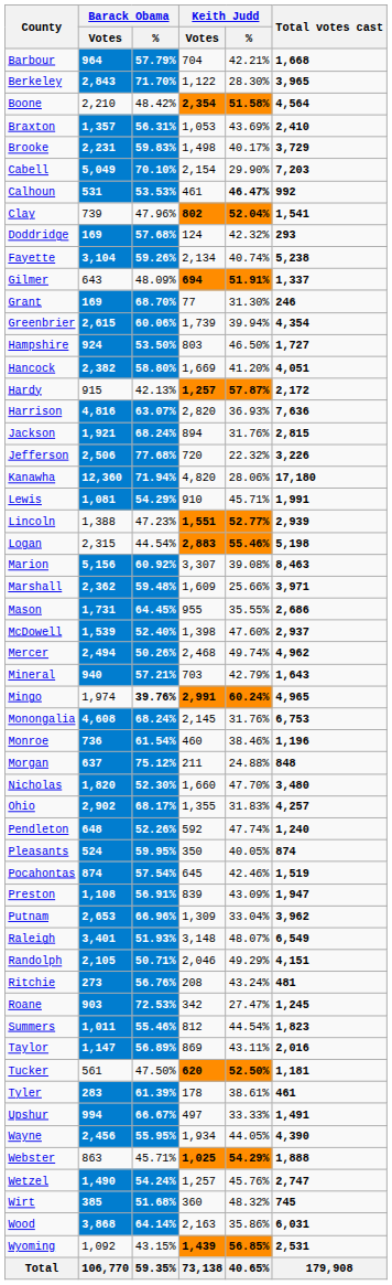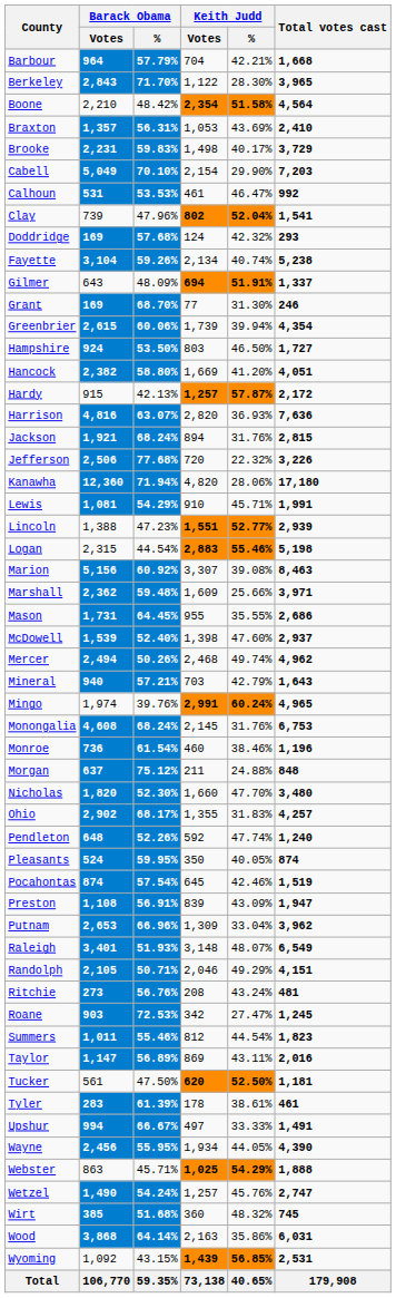 <table class="wikitable sortable mw-collapsible mw-collapsed">
 <tr>
 <th rowspan="2"><small>County</small></th>
 <th colspan="2"><small><a href='#'>Barack Obama</a></small></th>
 <th colspan="2"><small><a href='#'>Keith Judd</a></small></th>
 <th rowspan="2"><small>Total votes cast</small></th>
 </tr>
 <tr>
 <th><small>Votes</small></th>
 <th><small>%</small></th>
 <th><small>Votes</small></th>
 <th><small>%</small></th>
 </tr>
 <tr>
 <td><small><a href='#'>Barbour</a></small></td>
 <td style="background:#017dcf; color:white"><small><strong>964</strong></small></td>
 <td style="background:#017dcf; color:white"><small><strong>57.79%</strong></small></td>
 <td><small>704</small></td>
 <td><small>42.21%</small></td>
 <td><strong><small>1,668</small></strong></td>
 </tr>
 <tr>
 <td><small><a href='#'>Berkeley</a></small></td>
 <td style="background:#017dcf; color:white"><small><strong>2,843</strong></small></td>
 <td style="background:#017dcf; color:white"><small><strong>71.70%</strong></small></td>
 <td><small>1,122</small></td>
 <td><small>28.30%</small></td>
 <td><strong><small>3,965</small></strong></td>
 </tr>
 <tr>
 <td><small><a href='#'>Boone</a></small></td>
 <td><small>2,210</small></td>
 <td><small>48.42%</small></td>
 <td style="background:#ff8c00"><small><strong>2,354</strong></small></td>
 <td style="background:#ff8c00"><small><strong>51.58%</strong></small></td>
 <td><strong><small>4,564</small></strong></td>
 </tr>
 <tr>
 <td><small><a href='#'>Braxton</a></small></td>
 <td style="background:#017dcf; color:white"><small><strong>1,357</strong></small></td>
 <td style="background:#017dcf; color:white"><small><strong>56.31%</strong></small></td>
 <td><small>1,053</small></td>
 <td><small>43.69%</small></td>
 <td><strong><small>2,410</small></strong></td>
 </tr>
 <tr>
 <td><small><a href='#'>Brooke</a></small></td>
 <td style="background:#017dcf; color:white"><small><strong>2,231</strong></small></td>
 <td style="background:#017dcf; color:white"><small><strong>59.83%</strong></small></td>
 <td><small>1,498</small></td>
 <td><small>40.17%</small></td>
 <td><strong><small>3,729</small></strong></td>
 </tr>
 <tr>
 <td><small><a href='#'>Cabell</a></small></td>
 <td style="background:#017dcf; color:white"><small><strong>5,049</strong></small></td>
 <td style="background:#017dcf; color:white"><small><strong>70.10%</strong></small></td>
 <td><small>2,154</small></td>
 <td><small>29.90%</small></td>
 <td><strong><small>7,203</small></strong></td>
 </tr>
 <tr>
 <td><small><a href='#'>Calhoun</a></small></td>
 <td style="background:#017dcf; color:white"><small><strong>531</strong></small></td>
 <td style="background:#017dcf; color:white"><small><strong>53.53%</strong></small></td>
 <td><small>461</small></td>
-<td><strong><small>46.47%</small></strong></td>
+<td><small>46.47%</small></td>
 <td><strong><small>992</small></strong></td>
 </tr>
 <tr>
 <td><small><a href='#'>Clay</a></small></td>
 <td><small>739</small></td>
 <td><small>47.96%</small></td>
 <td style="background:#ff8c00"><small><strong>802</strong></small></td>
 <td style="background:#ff8c00"><small><strong>52.04%</strong></small></td>
 <td><strong><small>1,541</small></strong></td>
 </tr>
 <tr>
 <td><small><a href='#'>Doddridge</a></small></td>
 <td style="background:#017dcf; color:white"><small><strong>169</strong></small></td>
 <td style="background:#017dcf; color:white"><small><strong>57.68%</strong></small></td>
 <td><small>124</small></td>
 <td><small>42.32%</small></td>
 <td><strong><small>293</small></strong></td>
 </tr>
 <tr>
 <td><small><a href='#'>Fayette</a></small></td>
 <td style="background:#017dcf; color:white"><small><strong>3,104</strong></small></td>
 <td style="background:#017dcf; color:white"><small><strong>59.26%</strong></small></td>
 <td><small>2,134</small></td>
 <td><small>40.74%</small></td>
 <td><strong><small>5,238</small></strong></td>
 </tr>
 <tr>
 <td><small><a href='#'>Gilmer</a></small></td>
 <td><small>643</small></td>
 <td><small>48.09%</small></td>
 <td style="background:#ff8c00"><small><strong>694</strong></small></td>
 <td style="background:#ff8c00"><small><strong>51.91%</strong></small></td>
 <td><strong><small>1,337</small></strong></td>
 </tr>
 <tr>
 <td><small><a href='#'>Grant</a></small></td>
 <td style="background:#017dcf; color:white"><small><strong>169</strong></small></td>
 <td style="background:#017dcf; color:white"><small><strong>68.70%</strong></small></td>
 <td><small>77</small></td>
 <td><small>31.30%</small></td>
 <td><strong><small>246</small></strong></td>
 </tr>
 <tr>
 <td><small><a href='#'>Greenbrier</a></small></td>
 <td style="background:#017dcf; color:white"><small><strong>2,615</strong></small></td>
 <td style="background:#017dcf; color:white"><small><strong>60.06%</strong></small></td>
 <td><small>1,739</small></td>
 <td><small>39.94%</small></td>
 <td><strong><small>4,354</small></strong></td>
 </tr>
 <tr>
 <td><small><a href='#'>Hampshire</a></small></td>
 <td style="background:#017dcf; color:white"><small><strong>924</strong></small></td>
 <td style="background:#017dcf; color:white"><small><strong>53.50%</strong></small></td>
 <td><small>803</small></td>
 <td><small>46.50%</small></td>
 <td><strong><small>1,727</small></strong></td>
 </tr>
 <tr>
 <td><small><a href='#'>Hancock</a></small></td>
 <td style="background:#017dcf; color:white"><small><strong>2,382</strong></small></td>
 <td style="background:#017dcf; color:white"><small><strong>58.80%</strong></small></td>
 <td><small>1,669</small></td>
 <td><small>41.20%</small></td>
 <td><strong><small>4,051</small></strong></td>
 </tr>
 <tr>
 <td><small><a href='#'>Hardy</a></small></td>
 <td><small>915</small></td>
 <td><small>42.13%</small></td>
 <td style="background:#ff8c00"><small><strong>1,257</strong></small></td>
 <td style="background:#ff8c00"><small><strong>57.87%</strong></small></td>
 <td><strong><small>2,172</small></strong></td>
 </tr>
 <tr>
 <td><small><a href='#'>Harrison</a></small></td>
 <td style="background:#017dcf; color:white"><small><strong>4,816</strong></small></td>
 <td style="background:#017dcf; color:white"><small><strong>63.07%</strong></small></td>
 <td><small>2,820</small></td>
 <td><small>36.93%</small></td>
 <td><strong><small>7,636</small></strong></td>
 </tr>
 <tr>
 <td><small><a href='#'>Jackson</a></small></td>
 <td style="background:#017dcf; color:white"><small><strong>1,921</strong></small></td>
 <td style="background:#017dcf; color:white"><small><strong>68.24%</strong></small></td>
 <td><small>894</small></td>
 <td><small>31.76%</small></td>
 <td><strong><small>2,815</small></strong></td>
 </tr>
 <tr>
 <td><small><a href='#'>Jefferson</a></small></td>
 <td style="background:#017dcf; color:white"><small><strong>2,506</strong></small></td>
 <td style="background:#017dcf; color:white"><small><strong>77.68%</strong></small></td>
 <td><small>720</small></td>
 <td><small>22.32%</small></td>
 <td><strong><small>3,226</small></strong></td>
 </tr>
 <tr>
 <td><small><a href='#'>Kanawha</a></small></td>
 <td style="background:#017dcf; color:white"><small><strong>12,360</strong></small></td>
 <td style="background:#017dcf; color:white"><small><strong>71.94%</strong></small></td>
 <td><small>4,820</small></td>
 <td><small>28.06%</small></td>
 <td><strong><small>17,180</small></strong></td>
 </tr>
 <tr>
 <td><small><a href='#'>Lewis</a></small></td>
 <td style="background:#017dcf; color:white"><small><strong>1,081</strong></small></td>
 <td style="background:#017dcf; color:white"><small><strong>54.29%</strong></small></td>
 <td><small>910</small></td>
 <td><small>45.71%</small></td>
 <td><strong><small>1,991</small></strong></td>
 </tr>
 <tr>
 <td><small><a href='#'>Lincoln</a></small></td>
 <td><small>1,388</small></td>
 <td><small>47.23%</small></td>
 <td style="background:#ff8c00"><small><strong>1,551</strong></small></td>
 <td style="background:#ff8c00"><small><strong>52.77%</strong></small></td>
 <td><strong><small>2,939</small></strong></td>
 </tr>
 <tr>
 <td><small><a href='#'>Logan</a></small></td>
 <td><small>2,315</small></td>
 <td><small>44.54%</small></td>
 <td style="background:#ff8c00"><small><strong>2,883</strong></small></td>
 <td style="background:#ff8c00"><small><strong>55.46%</strong></small></td>
 <td><strong><small>5,198</small></strong></td>
 </tr>
 <tr>
 <td><small><a href='#'>Marion</a></small></td>
 <td style="background:#017dcf; color:white"><small><strong>5,156</strong></small></td>
 <td style="background:#017dcf; color:white"><small><strong>60.92%</strong></small></td>
 <td><small>3,307</small></td>
 <td><small>39.08%</small></td>
 <td><strong><small>8,463</small></strong></td>
 </tr>
 <tr>
 <td><small><a href='#'>Marshall</a></small></td>
 <td style="background:#017dcf; color:white"><small><strong>2,362</strong></small></td>
 <td style="background:#017dcf; color:white"><small><strong>59.48%</strong></small></td>
 <td><small>1,609</small></td>
 <td><small>25.66%</small></td>
 <td><strong><small>3,971</small></strong></td>
 </tr>
 <tr>
 <td><small><a href='#'>Mason</a></small></td>
 <td style="background:#017dcf; color:white"><small><strong>1,731</strong></small></td>
 <td style="background:#017dcf; color:white"><small><strong>64.45%</strong></small></td>
 <td><small>955</small></td>
 <td><small>35.55%</small></td>
 <td><strong><small>2,686</small></strong></td>
 </tr>
 <tr>
 <td><small><a href='#'>McDowell</a></small></td>
 <td style="background:#017dcf; color:white"><small><strong>1,539</strong></small></td>
 <td style="background:#017dcf; color:white"><small><strong>52.40%</strong></small></td>
 <td><small>1,398</small></td>
 <td><small>47.60%</small></td>
 <td><strong><small>2,937</small></strong></td>
 </tr>
 <tr>
 <td><small><a href='#'>Mercer</a></small></td>
 <td style="background:#017dcf; color:white"><small><strong>2,494</strong></small></td>
 <td style="background:#017dcf; color:white"><small><strong>50.26%</strong></small></td>
 <td><small>2,468</small></td>
 <td><small>49.74%</small></td>
 <td><strong><small>4,962</small></strong></td>
 </tr>
 <tr>
 <td><small><a href='#'>Mineral</a></small></td>
 <td style="background:#017dcf; color:white"><small><strong>940</strong></small></td>
 <td style="background:#017dcf; color:white"><small><strong>57.21%</strong></small></td>
 <td><small>703</small></td>
 <td><small>42.79%</small></td>
 <td><strong><small>1,643</small></strong></td>
 </tr>
 <tr>
 <td><small><a href='#'>Mingo</a></small></td>
 <td><small>1,974</small></td>
-<td><strong><small>39.76%</small></strong></td>
+<td><small>39.76%</small></td>
 <td style="background:#ff8c00"><small><strong>2,991</strong></small></td>
 <td style="background:#ff8c00"><small><strong>60.24%</strong></small></td>
 <td><strong><small>4,965</small></strong></td>
 </tr>
 <tr>
 <td><small><a href='#'>Monongalia</a></small></td>
 <td style="background:#017dcf; color:white"><small><strong>4,608</strong></small></td>
 <td style="background:#017dcf; color:white"><small><strong>68.24%</strong></small></td>
 <td><small>2,145</small></td>
 <td><small>31.76%</small></td>
 <td><strong><small>6,753</small></strong></td>
 </tr>
 <tr>
 <td><small><a href='#'>Monroe</a></small></td>
 <td style="background:#017dcf; color:white"><small><strong>736</strong></small></td>
 <td style="background:#017dcf; color:white"><small><strong>61.54%</strong></small></td>
 <td><small>460</small></td>
 <td><small>38.46%</small></td>
 <td><strong><small>1,196</small></strong></td>
 </tr>
 <tr>
 <td><small><a href='#'>Morgan</a></small></td>
 <td style="background:#017dcf; color:white"><small><strong>637</strong></small></td>
 <td style="background:#017dcf; color:white"><small><strong>75.12%</strong></small></td>
 <td><small>211</small></td>
 <td><small>24.88%</small></td>
 <td><strong><small>848</small></strong></td>
 </tr>
 <tr>
 <td><small><a href='#'>Nicholas</a></small></td>
 <td style="background:#017dcf; color:white"><small><strong>1,820</strong></small></td>
 <td style="background:#017dcf; color:white"><small><strong>52.30%</strong></small></td>
 <td><small>1,660</small></td>
 <td><small>47.70%</small></td>
 <td><strong><small>3,480</small></strong></td>
 </tr>
 <tr>
 <td><small><a href='#'>Ohio</a></small></td>
 <td style="background:#017dcf; color:white"><small><strong>2,902</strong></small></td>
 <td style="background:#017dcf; color:white"><small><strong>68.17%</strong></small></td>
 <td><small>1,355</small></td>
 <td><small>31.83%</small></td>
 <td><strong><small>4,257</small></strong></td>
 </tr>
 <tr>
 <td><small><a href='#'>Pendleton</a></small></td>
 <td style="background:#017dcf; color:white"><small><strong>648</strong></small></td>
 <td style="background:#017dcf; color:white"><small><strong>52.26%</strong></small></td>
 <td><small>592</small></td>
 <td><small>47.74%</small></td>
 <td><strong><small>1,240</small></strong></td>
 </tr>
 <tr>
 <td><small><a href='#'>Pleasants</a></small></td>
 <td style="background:#017dcf; color:white"><small><strong>524</strong></small></td>
 <td style="background:#017dcf; color:white"><small><strong>59.95%</strong></small></td>
 <td><small>350</small></td>
 <td><small>40.05%</small></td>
 <td><strong><small>874</small></strong></td>
 </tr>
 <tr>
 <td><small><a href='#'>Pocahontas</a></small></td>
 <td style="background:#017dcf; color:white"><small><strong>874</strong></small></td>
 <td style="background:#017dcf; color:white"><small><strong>57.54%</strong></small></td>
 <td><small>645</small></td>
 <td><small>42.46%</small></td>
 <td><strong><small>1,519</small></strong></td>
 </tr>
 <tr>
 <td><small><a href='#'>Preston</a></small></td>
 <td style="background:#017dcf; color:white"><small><strong>1,108</strong></small></td>
 <td style="background:#017dcf; color:white"><small><strong>56.91%</strong></small></td>
 <td><small>839</small></td>
 <td><small>43.09%</small></td>
 <td><strong><small>1,947</small></strong></td>
 </tr>
 <tr>
 <td><small><a href='#'>Putnam</a></small></td>
 <td style="background:#017dcf; color:white"><small><strong>2,653</strong></small></td>
 <td style="background:#017dcf; color:white"><small><strong>66.96%</strong></small></td>
 <td><small>1,309</small></td>
 <td><small>33.04%</small></td>
 <td><strong><small>3,962</small></strong></td>
 </tr>
 <tr>
 <td><small><a href='#'>Raleigh</a></small></td>
 <td style="background:#017dcf; color:white"><small><strong>3,401</strong></small></td>
 <td style="background:#017dcf; color:white"><small><strong>51.93%</strong></small></td>
 <td><small>3,148</small></td>
 <td><small>48.07%</small></td>
 <td><strong><small>6,549</small></strong></td>
 </tr>
 <tr>
 <td><small><a href='#'>Randolph</a></small></td>
 <td style="background:#017dcf; color:white"><small><strong>2,105</strong></small></td>
 <td style="background:#017dcf; color:white"><small><strong>50.71%</strong></small></td>
 <td><small>2,046</small></td>
 <td><small>49.29%</small></td>
 <td><strong><small>4,151</small></strong></td>
 </tr>
 <tr>
 <td><small><a href='#'>Ritchie</a></small></td>
 <td style="background:#017dcf; color:white"><small><strong>273</strong></small></td>
 <td style="background:#017dcf; color:white"><small><strong>56.76%</strong></small></td>
 <td><small>208</small></td>
 <td><small>43.24%</small></td>
 <td><strong><small>481</small></strong></td>
 </tr>
 <tr>
 <td><small><a href='#'>Roane</a></small></td>
 <td style="background:#017dcf; color:white"><small><strong>903</strong></small></td>
 <td style="background:#017dcf; color:white"><small><strong>72.53%</strong></small></td>
 <td><small>342</small></td>
 <td><small>27.47%</small></td>
 <td><strong><small>1,245</small></strong></td>
 </tr>
 <tr>
 <td><small><a href='#'>Summers</a></small></td>
 <td style="background:#017dcf; color:white"><small><strong>1,011</strong></small></td>
 <td style="background:#017dcf; color:white"><small><strong>55.46%</strong></small></td>
 <td><small>812</small></td>
 <td><small>44.54%</small></td>
 <td><strong><small>1,823</small></strong></td>
 </tr>
 <tr>
 <td><small><a href='#'>Taylor</a></small></td>
 <td style="background:#017dcf; color:white"><small><strong>1,147</strong></small></td>
 <td style="background:#017dcf; color:white"><small><strong>56.89%</strong></small></td>
 <td><small>869</small></td>
 <td><small>43.11%</small></td>
 <td><strong><small>2,016</small></strong></td>
 </tr>
 <tr>
 <td><small><a href='#'>Tucker</a></small></td>
 <td><small>561</small></td>
 <td><small>47.50%</small></td>
 <td style="background:#ff8c00"><small><strong>620</strong></small></td>
 <td style="background:#ff8c00"><small><strong>52.50%</strong></small></td>
 <td><strong><small>1,181</small></strong></td>
 </tr>
 <tr>
 <td><small><a href='#'>Tyler</a></small></td>
 <td style="background:#017dcf; color:white"><small><strong>283</strong></small></td>
 <td style="background:#017dcf; color:white"><small><strong>61.39%</strong></small></td>
 <td><small>178</small></td>
 <td><small>38.61%</small></td>
 <td><strong><small>461</small></strong></td>
 </tr>
 <tr>
 <td><small><a href='#'>Upshur</a></small></td>
 <td style="background:#017dcf; color:white"><small><strong>994</strong></small></td>
 <td style="background:#017dcf; color:white"><small><strong>66.67%</strong></small></td>
 <td><small>497</small></td>
 <td><small>33.33%</small></td>
 <td><strong><small>1,491</small></strong></td>
 </tr>
 <tr>
 <td><small><a href='#'>Wayne</a></small></td>
 <td style="background:#017dcf; color:white"><small><strong>2,456</strong></small></td>
 <td style="background:#017dcf; color:white"><small><strong>55.95%</strong></small></td>
 <td><small>1,934</small></td>
 <td><small>44.05%</small></td>
 <td><strong><small>4,390</small></strong></td>
 </tr>
 <tr>
 <td><small><a href='#'>Webster</a></small></td>
 <td><small>863</small></td>
 <td><small>45.71%</small></td>
 <td style="background:#ff8c00"><small><strong>1,025</strong></small></td>
 <td style="background:#ff8c00"><small><strong>54.29%</strong></small></td>
 <td><strong><small>1,888</small></strong></td>
 </tr>
 <tr>
 <td><small><a href='#'>Wetzel</a></small></td>
 <td style="background:#017dcf; color:white"><small><strong>1,490</strong></small></td>
 <td style="background:#017dcf; color:white"><small><strong>54.24%</strong></small></td>
 <td><small>1,257</small></td>
 <td><small>45.76%</small></td>
 <td><strong><small>2,747</small></strong></td>
 </tr>
 <tr>
 <td><small><a href='#'>Wirt</a></small></td>
 <td style="background:#017dcf; color:white"><small><strong>385</strong></small></td>
 <td style="background:#017dcf; color:white"><small><strong>51.68%</strong></small></td>
 <td><small>360</small></td>
 <td><small>48.32%</small></td>
 <td><strong><small>745</small></strong></td>
 </tr>
 <tr>
 <td><small><a href='#'>Wood</a></small></td>
 <td style="background:#017dcf; color:white"><small><strong>3,868</strong></small></td>
 <td style="background:#017dcf; color:white"><small><strong>64.14%</strong></small></td>
 <td><small>2,163</small></td>
 <td><small>35.86%</small></td>
 <td><strong><small>6,031</small></strong></td>
 </tr>
 <tr>
 <td><small><a href='#'>Wyoming</a></small></td>
 <td><small>1,092</small></td>
 <td><small>43.15%</small></td>
 <td style="background:#ff8c00"><small><strong>1,439</strong></small></td>
 <td style="background:#ff8c00"><small><strong>56.85%</strong></small></td>
 <td><strong><small>2,531</small></strong></td>
 </tr>
 <tr>
 <th><small>Total</small></th>
 <th><small>106,770</small></th>
 <th><small>59.35%</small></th>
 <th><small>73,138</small></th>
 <th><small>40.65%</small></th>
 <th><small>179,908</small></th>
 </tr>
 </table>
